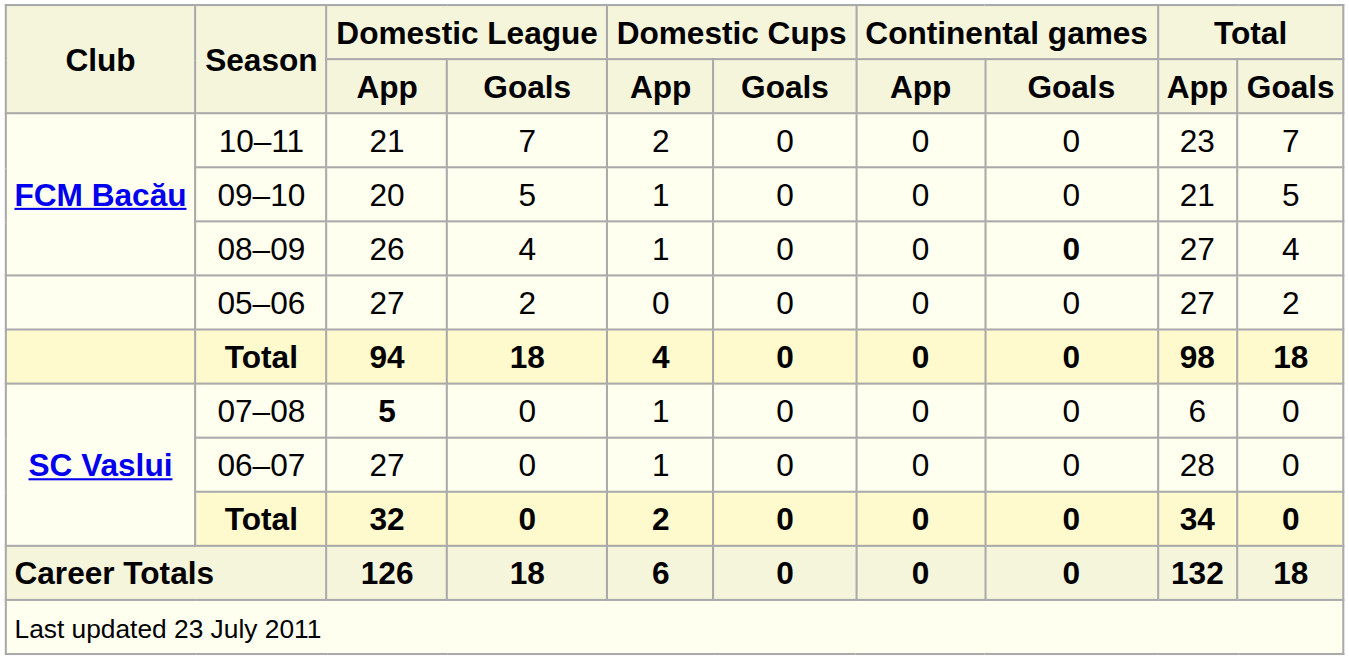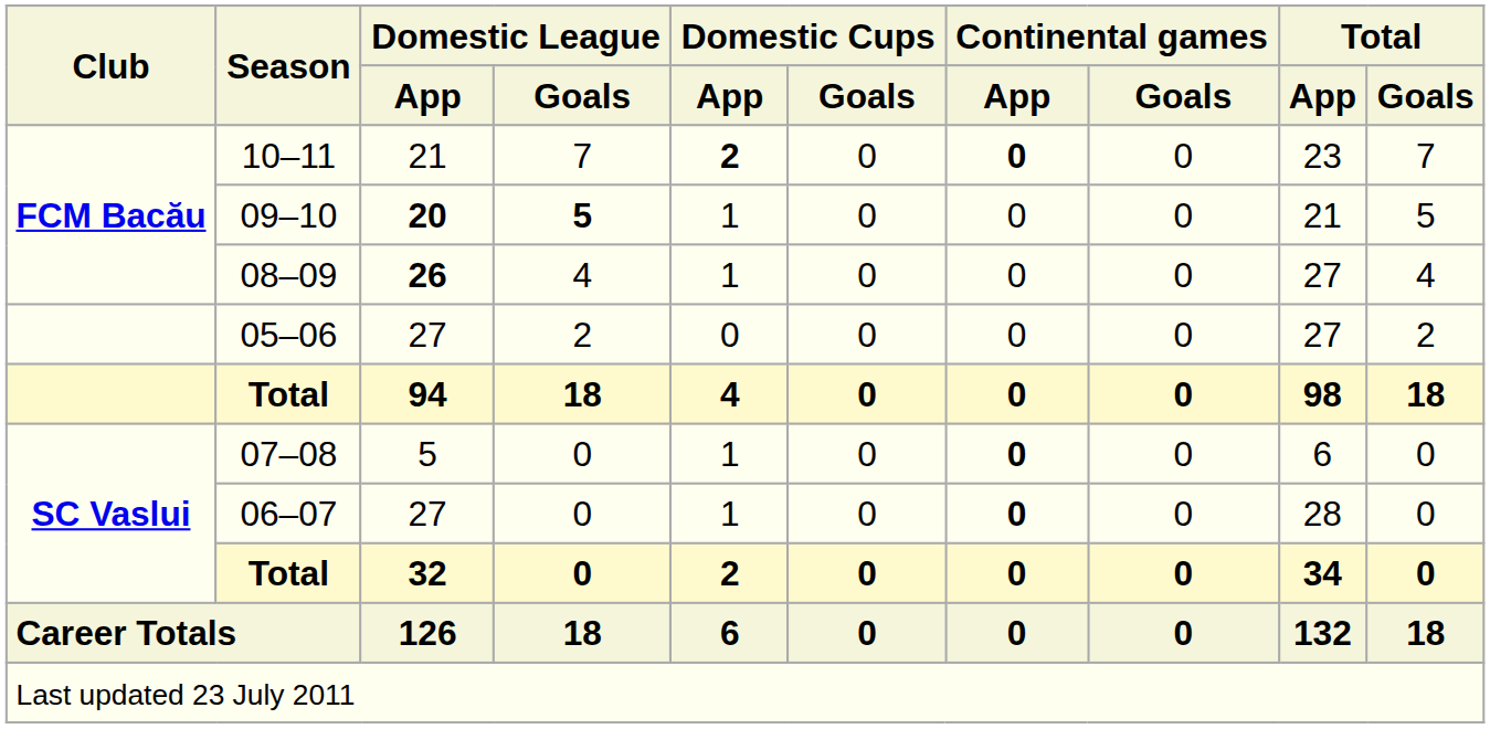 <table border=1 align=center cellpadding=4 cellspacing=2 style="background: ivory; font-size: 95%; border: 1px #aaaaaa solid; border-collapse: collapse; clear:center">
 <tr style="background:beige">
 <th rowspan="2">Club</th>
 <th rowspan="2">Season</th>
 <th colspan="2">Domestic League</th>
 <th colspan="2">Domestic Cups</th>
 <th colspan="2">Continental games</th>
 <th colspan="2">Total</th>
 </tr>
 <tr style="background:beige">
 <th>App</th>
 <th>Goals</th>
 <th>App</th>
 <th>Goals</th>
 <th>App</th>
 <th>Goals</th>
 <th>App</th>
 <th>Goals</th>
 </tr>
 <tr>
 <td rowspan="3" align=center valign=center><strong><a href='#'>FCM Bacău</a></strong></td>
 <td align="center">10–11</td>
 <td align="center">21</td>
 <td align="center">7</td>
-<td align="center">2</td>
+<td align="center"><strong>2</strong></td>
 <td align="center">0</td>
-<td align="center">0</td>
+<td align="center"><strong>0</strong></td>
 <td align="center">0</td>
 <td align="center">23</td>
 <td align="center">7</td>
 </tr>
 <tr>
 <td align="center">09–10</td>
-<td align="center">20</td>
-<td align="center">5</td>
+<td align="center"><strong>20</strong></td>
+<td align="center"><strong>5</strong></td>
 <td align="center">1</td>
 <td align="center">0</td>
 <td align="center">0</td>
 <td align="center">0</td>
 <td align="center">21</td>
 <td align="center">5</td>
 </tr>
 <tr>
 <td align="center">08–09</td>
-<td align="center">26</td>
+<td align="center"><strong>26</strong></td>
 <td align="center">4</td>
 <td align="center">1</td>
 <td align="center">0</td>
 <td align="center">0</td>
-<td align="center"><strong>0</strong></td>
+<td align="center">0</td>
 <td align="center">27</td>
 <td align="center">4</td>
 </tr>
 <tr>
 <td align="center"></td>
 <td align="center">05–06</td>
 <td align="center">27</td>
 <td align="center">2</td>
 <td align="center">0</td>
 <td align="center">0</td>
 <td align="center">0</td>
 <td align="center">0</td>
 <td align="center">27</td>
 <td align="center">2</td>
 </tr>
 <tr style="background:lemonchiffon">
 <th></th>
 <th>Total</th>
 <th>94</th>
 <th>18</th>
 <th>4</th>
 <th>0</th>
 <th>0</th>
 <th>0</th>
 <th>98</th>
 <th>18</th>
 </tr>
 <tr>
 <td rowspan="3" align=center valign=center><strong><a href='#'>SC Vaslui</a></strong></td>
 <td align="center">07–08</td>
-<td align="center"><strong>5</strong></td>
+<td align="center">5</td>
 <td align="center">0</td>
 <td align="center">1</td>
 <td align="center">0</td>
-<td align="center">0</td>
+<td align="center"><strong>0</strong></td>
 <td align="center">0</td>
 <td align="center">6</td>
 <td align="center">0</td>
 </tr>
 <tr>
 <td align="center">06–07</td>
 <td align="center">27</td>
 <td align="center">0</td>
 <td align="center">1</td>
 <td align="center">0</td>
-<td align="center">0</td>
+<td align="center"><strong>0</strong></td>
 <td align="center">0</td>
 <td align="center">28</td>
 <td align="center">0</td>
 </tr>
 <tr style="background:lemonchiffon">
 <th>Total</th>
 <th>32</th>
 <th>0</th>
 <th>2</th>
 <th>0</th>
 <th>0</th>
 <th>0</th>
 <th>34</th>
 <th>0</th>
 </tr>
 <tr>
 <th style="background:beige" colspan="2" align="left">Career Totals</th>
 <th style="background:beige">126</th>
 <th style="background:beige">18</th>
 <th style="background:beige">6</th>
 <th style="background:beige">0</th>
 <th style="background:beige">0</th>
 <th style="background:beige">0</th>
 <th style="background:beige">132</th>
 <th style="background:beige">18</th>
 </tr>
 <tr>
 <td colspan="12"><small>Last updated 23 July 2011</small></td>
 </tr>
 </table>
